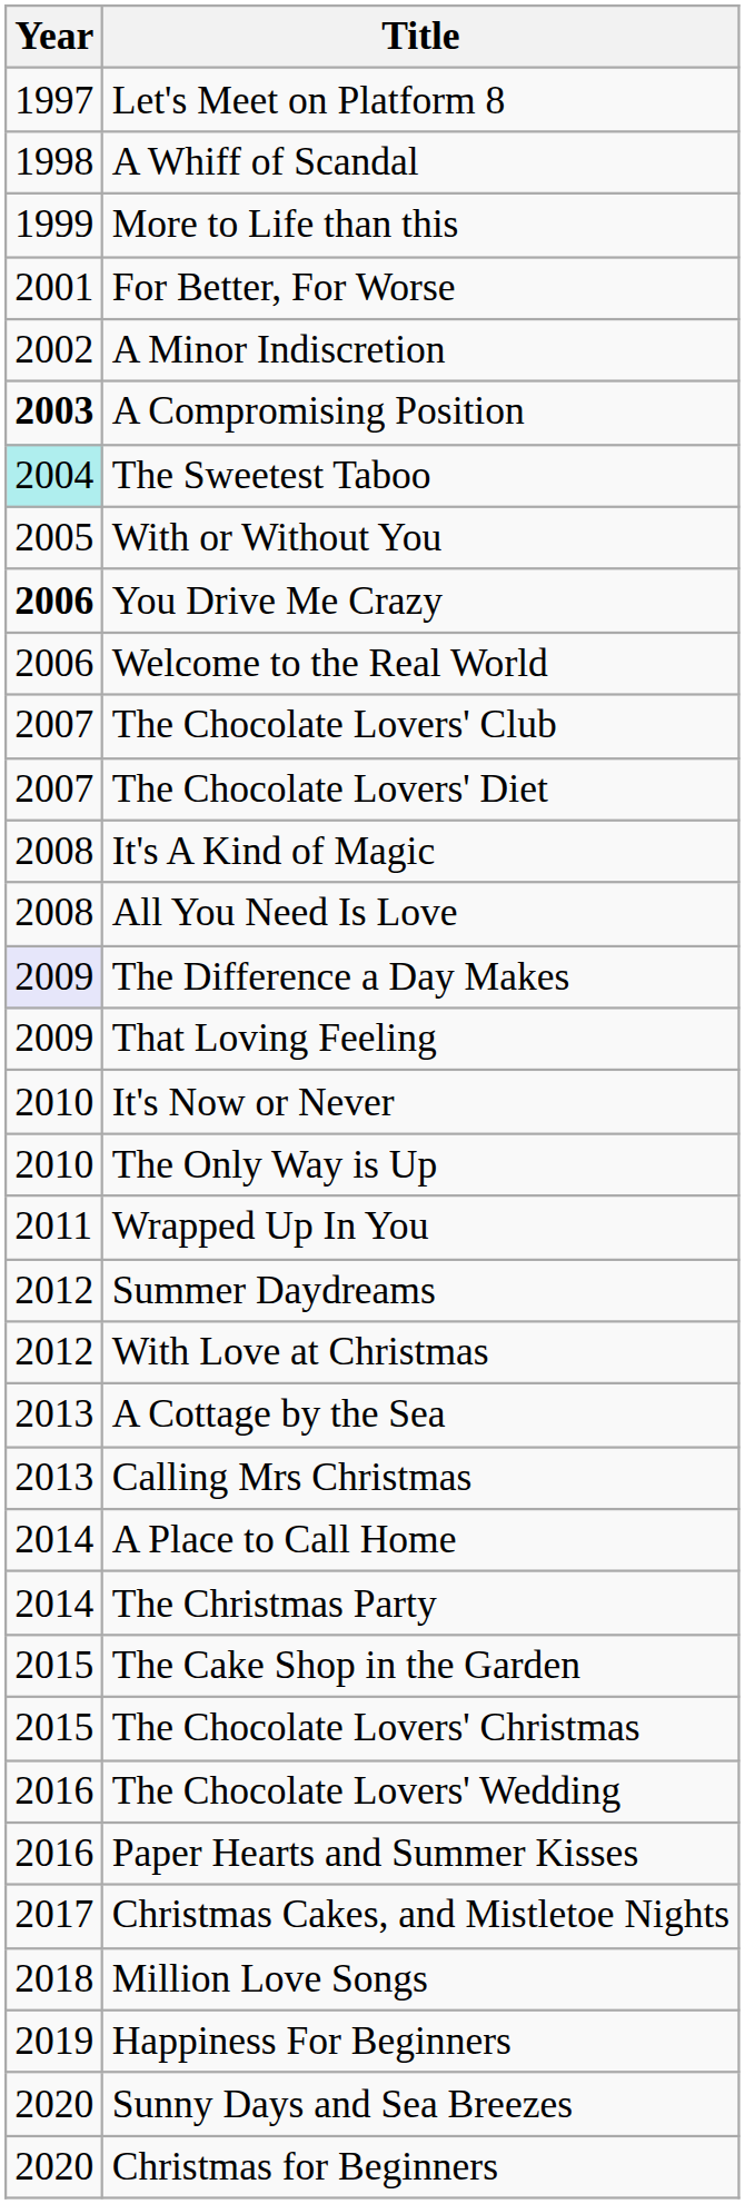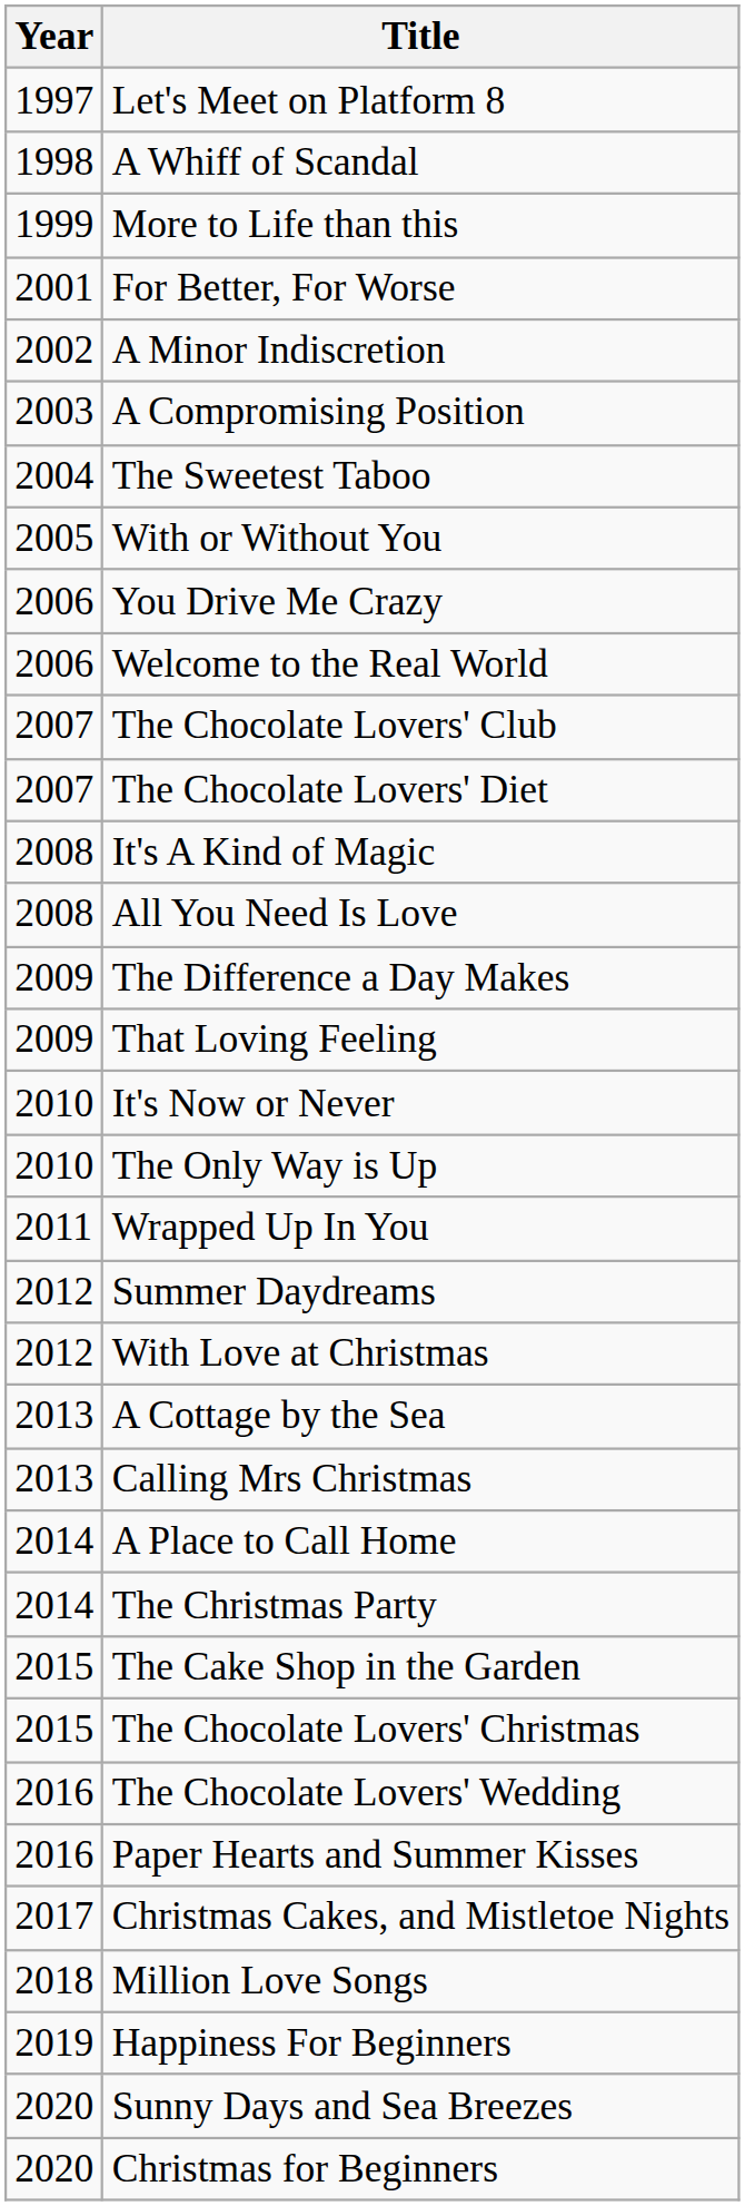 <table class="wikitable">
 <tr>
 <th>Year</th>
 <th>Title</th>
 </tr>
 <tr>
 <td>1997</td>
 <td>Let's Meet on Platform 8</td>
 </tr>
 <tr>
 <td>1998</td>
 <td>A Whiff of Scandal</td>
 </tr>
 <tr>
 <td>1999</td>
 <td>More to Life than this</td>
 </tr>
 <tr>
 <td>2001</td>
 <td>For Better, For Worse</td>
 </tr>
 <tr>
 <td>2002</td>
 <td>A Minor Indiscretion</td>
 </tr>
 <tr>
-<td><strong>2003</strong></td>
+<td>2003</td>
 <td>A Compromising Position</td>
 </tr>
 <tr>
-<td style="background: paleturquoise;">2004</td>
+<td>2004</td>
 <td>The Sweetest Taboo</td>
 </tr>
 <tr>
 <td>2005</td>
 <td>With or Without You</td>
 </tr>
 <tr>
-<td><strong>2006</strong></td>
+<td>2006</td>
 <td>You Drive Me Crazy</td>
 </tr>
 <tr>
 <td>2006</td>
 <td>Welcome to the Real World</td>
 </tr>
 <tr>
 <td>2007</td>
 <td>The Chocolate Lovers' Club</td>
 </tr>
 <tr>
 <td>2007</td>
 <td>The  Chocolate Lovers' Diet</td>
 </tr>
 <tr>
 <td>2008</td>
 <td>It's A Kind of Magic</td>
 </tr>
 <tr>
 <td>2008</td>
 <td>All You Need Is Love</td>
 </tr>
 <tr>
-<td style="background: lavender;">2009</td>
+<td>2009</td>
 <td>The Difference a Day Makes</td>
 </tr>
 <tr>
 <td>2009</td>
 <td>That Loving Feeling</td>
 </tr>
 <tr>
 <td>2010</td>
 <td>It's Now or Never</td>
 </tr>
 <tr>
 <td>2010</td>
 <td>The Only Way is Up</td>
 </tr>
 <tr>
 <td>2011</td>
 <td>Wrapped Up In You</td>
 </tr>
 <tr>
 <td>2012</td>
 <td>Summer Daydreams</td>
 </tr>
 <tr>
 <td>2012</td>
 <td>With Love at Christmas</td>
 </tr>
 <tr>
 <td>2013</td>
 <td>A Cottage by the Sea</td>
 </tr>
 <tr>
 <td>2013</td>
 <td>Calling Mrs Christmas</td>
 </tr>
 <tr>
 <td>2014</td>
 <td>A Place to Call Home</td>
 </tr>
 <tr>
 <td>2014</td>
 <td>The Christmas Party</td>
 </tr>
 <tr>
 <td>2015</td>
 <td>The Cake Shop in the Garden</td>
 </tr>
 <tr>
 <td>2015</td>
 <td>The Chocolate Lovers' Christmas</td>
 </tr>
 <tr>
 <td>2016</td>
 <td>The Chocolate Lovers' Wedding</td>
 </tr>
 <tr>
 <td>2016</td>
 <td>Paper Hearts and Summer Kisses</td>
 </tr>
 <tr>
 <td>2017</td>
 <td>Christmas Cakes, and Mistletoe Nights</td>
 </tr>
 <tr>
 <td>2018</td>
 <td>Million Love Songs</td>
 </tr>
 <tr>
 <td>2019</td>
 <td>Happiness For Beginners</td>
 </tr>
 <tr>
 <td>2020</td>
 <td>Sunny Days and Sea Breezes</td>
 </tr>
 <tr>
 <td>2020</td>
 <td>Christmas for Beginners</td>
 </tr>
 </table>
